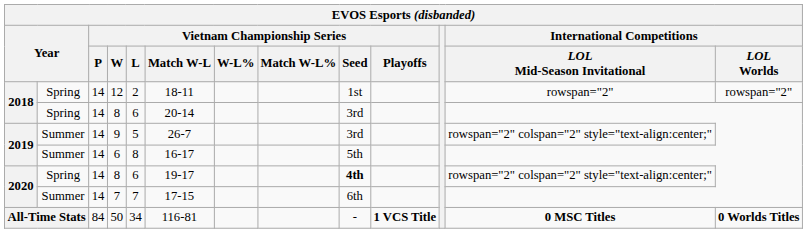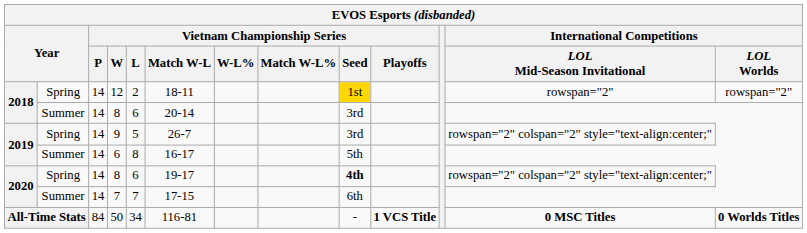 <table class="wikitable" style="font-size:80%; text-align:center;">
 <tr>
 <th colspan="18"> EVOS Esports <em>(disbanded)</em></th>
 </tr>
 <tr>
 <th colspan="2" rowspan="2">Year</th>
 <th colspan="8">Vietnam Championship Series</th>
 <th rowspan="19"></th>
 <th colspan="2">International Competitions</th>
 </tr>
 <tr>
 <th>P</th>
 <th>W</th>
 <th>L</th>
 <th>Match W-L</th>
 <th>W-L%</th>
 <th>Match W-L%</th>
 <th>Seed</th>
 <th>Playoffs</th>
 <th><em>LOL</em> <br> Mid-Season Invitational</th>
 <th><em>LOL</em> <br> Worlds</th>
 </tr>
 <tr>
 <th rowspan="2">2018</th>
 <td>Spring</td>
 <td>14</td>
 <td>12</td>
 <td>2</td>
 <td>18-11</td>
 <td></td>
 <td></td>
-<td>1st</td>
+<td style="background: gold;">1st</td>
 <td></td>
 <td>rowspan="2" </td>
 <td>rowspan="2" </td>
 </tr>
 <tr>
-<td>Spring</td>
+<td>Summer</td>
 <td>14</td>
 <td>8</td>
 <td>6</td>
 <td>20-14</td>
 <td></td>
 <td></td>
 <td>3rd</td>
 <td></td>
 </tr>
 <tr>
 <th rowspan="2">2019</th>
-<td>Summer</td>
+<td>Spring</td>
 <td>14</td>
 <td>9</td>
 <td>5</td>
 <td>26-7</td>
 <td></td>
 <td></td>
 <td>3rd</td>
 <td></td>
 <td>rowspan="2" colspan="2" style="text-align:center;" </td>
 </tr>
 <tr>
 <td>Summer</td>
 <td>14</td>
 <td>6</td>
 <td>8</td>
 <td>16-17</td>
 <td></td>
 <td></td>
 <td>5th</td>
 <td></td>
 </tr>
 <tr>
 <th rowspan="2">2020</th>
 <td>Spring</td>
 <td>14</td>
 <td>8</td>
 <td>6</td>
 <td>19-17</td>
 <td></td>
 <td></td>
 <td><strong>4th</strong></td>
 <td></td>
 <td>rowspan="2" colspan="2" style="text-align:center;" </td>
 </tr>
 <tr>
 <td>Summer</td>
 <td>14</td>
 <td>7</td>
 <td>7</td>
 <td>17-15</td>
 <td></td>
 <td></td>
 <td>6th</td>
 <td></td>
 </tr>
 <tr>
 <th colspan="2">All-Time Stats</th>
 <td>84</td>
 <td>50</td>
 <td>34</td>
 <td>116-81</td>
 <td></td>
 <td></td>
 <td>-</td>
 <td><strong>1 VCS Title</strong></td>
 <td><strong>0 MSC Titles</strong></td>
 <td><strong>0 Worlds Titles</strong></td>
 </tr>
 </table>
